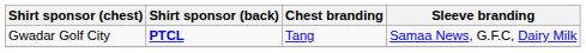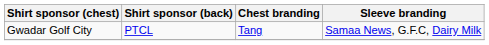 <table class="wikitable"  style="font-size:85%;">
 <tr>
 <th>Shirt sponsor (chest)</th>
 <th>Shirt sponsor (back)</th>
 <th>Chest branding</th>
 <th>Sleeve branding</th>
 </tr>
 <tr>
 <td>Gwadar Golf City</td>
-<td><strong><a href='#'>PTCL</a></strong></td>
+<td><a href='#'>PTCL</a></td>
 <td><a href='#'>Tang</a></td>
 <td><a href='#'>Samaa News</a>, G.F.C, <a href='#'>Dairy Milk</a></td>
 </tr>
 <tr>
 </tr>
 </table>
